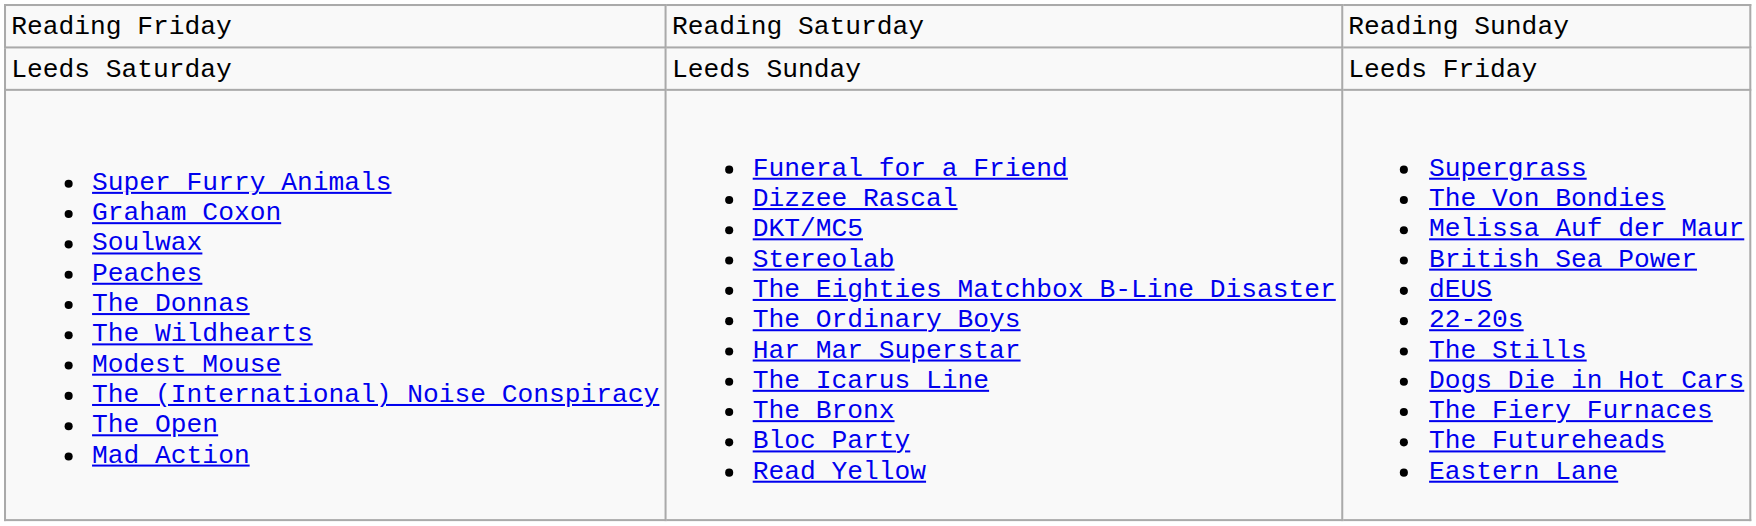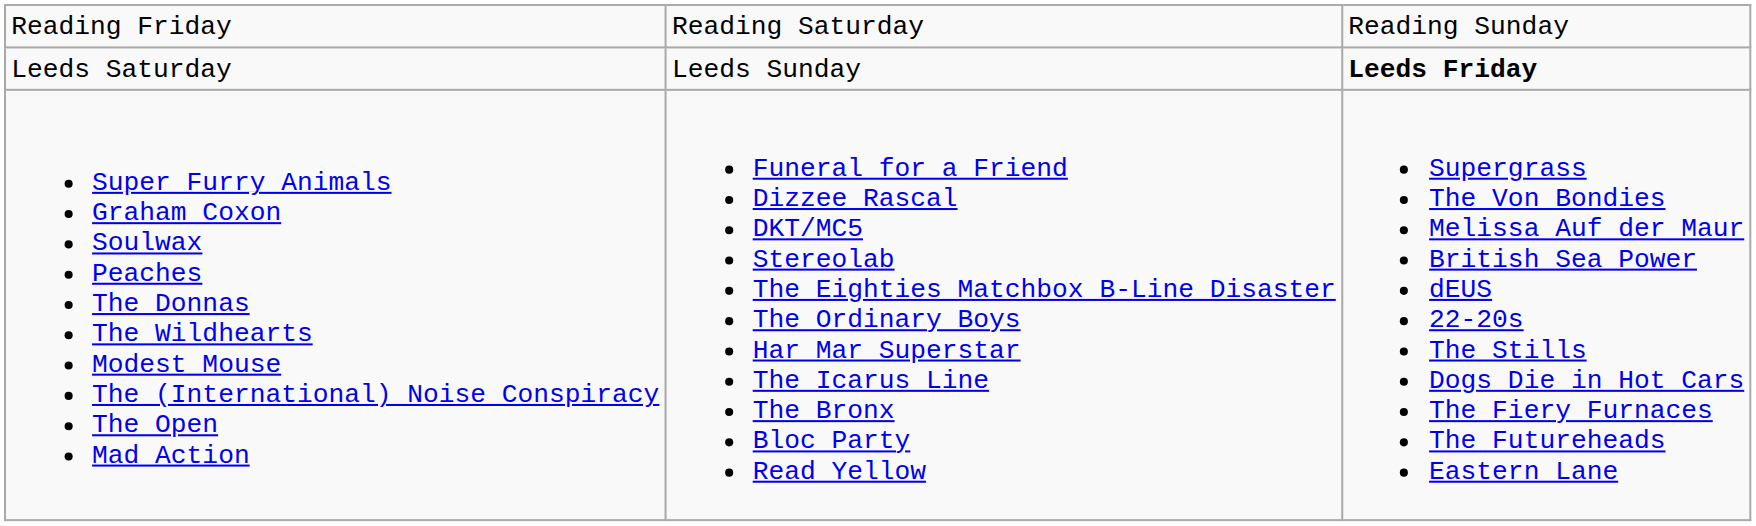 <table class="wikitable">
 <tr>
 <td>Reading Friday</td>
 <td>Reading Saturday</td>
 <td>Reading Sunday</td>
 </tr>
 <tr>
 <td>Leeds Saturday</td>
 <td>Leeds Sunday</td>
-<td>Leeds Friday</td>
+<td><strong>Leeds Friday</strong></td>
 </tr>
 <tr>
 <td><br><ul><li><a href='#'>Super Furry Animals</a></li><li><a href='#'>Graham Coxon</a></li><li><a href='#'>Soulwax</a></li><li><a href='#'>Peaches</a></li><li><a href='#'>The Donnas</a></li><li><a href='#'>The Wildhearts</a></li><li><a href='#'>Modest Mouse</a></li><li><a href='#'>The (International) Noise Conspiracy</a></li><li><a href='#'>The Open</a></li><li><a href='#'>Mad Action</a></li></ul></td>
 <td><br><ul><li><a href='#'>Funeral for a Friend</a></li><li><a href='#'>Dizzee Rascal</a></li><li><a href='#'>DKT/MC5</a></li><li><a href='#'>Stereolab</a></li><li><a href='#'>The Eighties Matchbox B-Line Disaster</a></li><li><a href='#'>The Ordinary Boys</a></li><li><a href='#'>Har Mar Superstar</a></li><li><a href='#'>The Icarus Line</a></li><li><a href='#'>The Bronx</a></li><li><a href='#'>Bloc Party</a></li><li><a href='#'>Read Yellow</a></li></ul></td>
 <td><br><ul><li><a href='#'>Supergrass</a></li><li><a href='#'>The Von Bondies</a></li><li><a href='#'>Melissa Auf der Maur</a></li><li><a href='#'>British Sea Power</a></li><li><a href='#'>dEUS</a></li><li><a href='#'>22-20s</a></li><li><a href='#'>The Stills</a></li><li><a href='#'>Dogs Die in Hot Cars</a></li><li><a href='#'>The Fiery Furnaces</a></li><li><a href='#'>The Futureheads</a></li><li><a href='#'>Eastern Lane</a></li></ul></td>
 </tr>
 </table>
